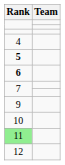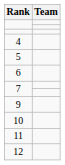 <table class="wikitable">
 <tr>
 <th>Rank</th>
 <th>Team</th>
 </tr>
 <tr>
 <td align=center rowspan=2></td>
 <td></td>
 </tr>
 <tr>
 <td></td>
 </tr>
 <tr>
 <td align=center></td>
 <td></td>
 </tr>
 <tr>
 <td align=center>4</td>
 <td></td>
 </tr>
 <tr>
-<td align=center><strong>5</strong></td>
+<td align=center>5</td>
 <td></td>
 </tr>
 <tr>
-<td align=center><strong>6</strong></td>
+<td align=center>6</td>
 <td></td>
 </tr>
 <tr>
 <td align=center rowspan=2>7</td>
 <td></td>
 </tr>
 <tr>
 <td></td>
 </tr>
 <tr>
 <td align=center>9</td>
 <td></td>
 </tr>
 <tr>
 <td align=center>10</td>
 <td></td>
 </tr>
 <tr>
-<td align=center style="background: lightgreen;">11</td>
+<td align=center>11</td>
 <td></td>
 </tr>
 <tr>
 <td align=center>12</td>
 <td></td>
 </tr>
 </table>
